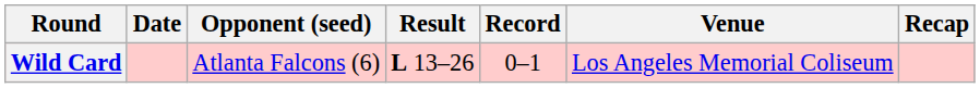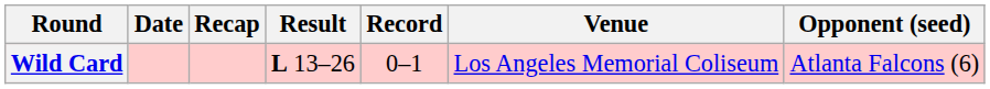 <table class="wikitable" style="text-align:center">
 <tr>
 <th>Round</th>
 <th>Date</th>
-<th>Opponent (seed)</th>
+<th>Recap</th>
 <th>Result</th>
 <th>Record</th>
 <th>Venue</th>
-<th>Recap</th>
+<th>Opponent (seed)</th>
 </tr>
 <tr style="background:#fcc">
 <th><a href='#'>Wild Card</a></th>
 <td></td>
-<td><a href='#'>Atlanta Falcons</a> (6)</td>
+<td></td>
 <td><strong>L</strong> 13–26</td>
 <td>0–1</td>
 <td><a href='#'>Los Angeles Memorial Coliseum</a></td>
-<td></td>
+<td><a href='#'>Atlanta Falcons</a> (6)</td>
 </tr>
 </table>
